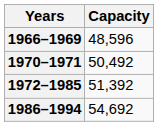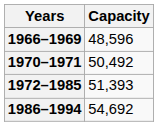 <table class="wikitable">
 <tr>
 <th scope="row">Years</th>
 <th scope="row">Capacity</th>
 </tr>
 <tr>
 <th scope="row">1966–1969</th>
 <td>48,596</td>
 </tr>
 <tr>
 <th scope="row">1970–1971</th>
 <td>50,492</td>
 </tr>
 <tr>
 <th scope="row">1972–1985</th>
-<td>51,392</td>
+<td>51,393</td>
 </tr>
 <tr>
 <th scope="row">1986–1994</th>
 <td>54,692</td>
 </tr>
 </table>
